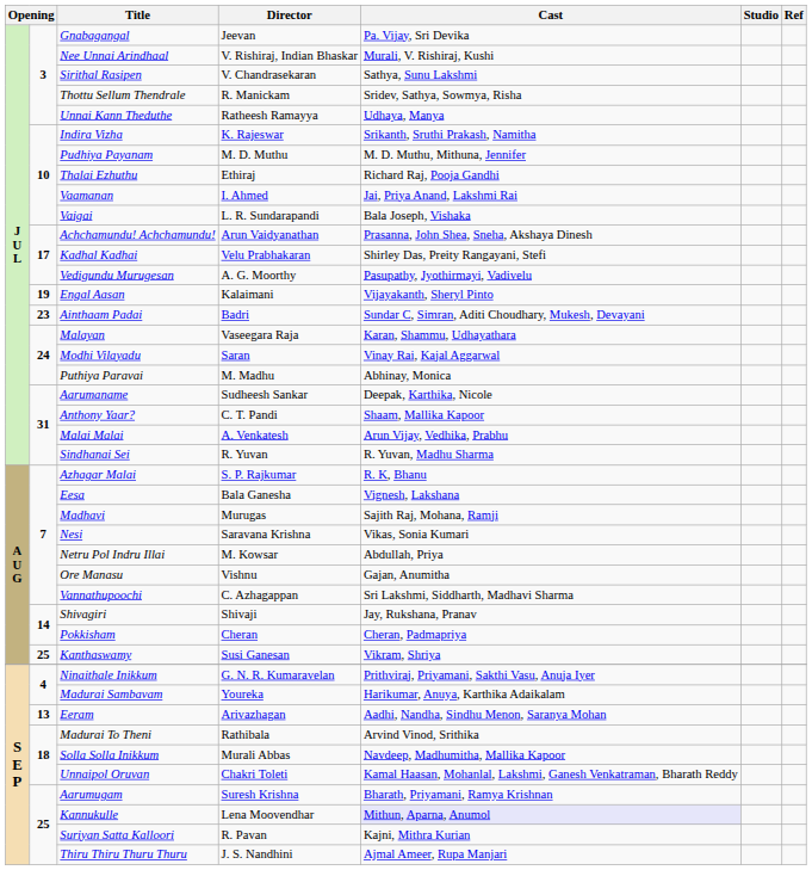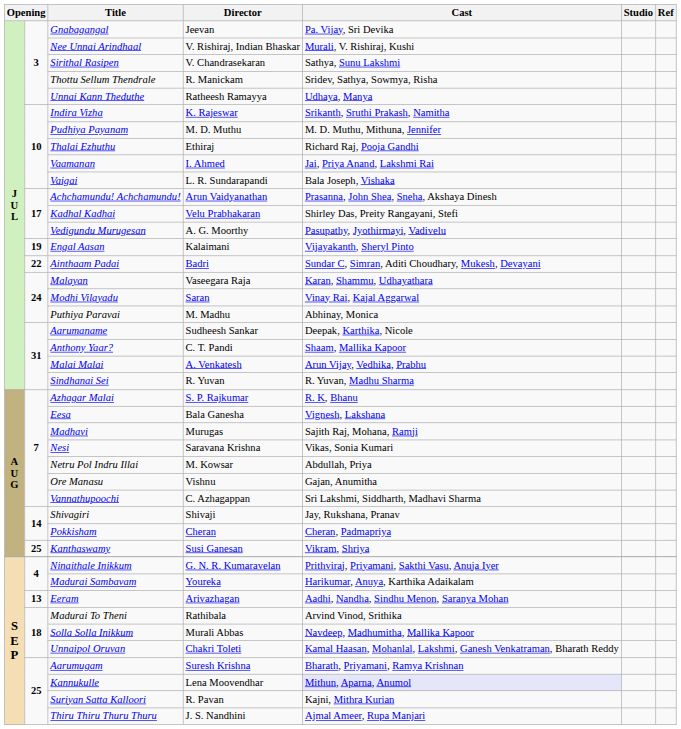 <table class="wikitable">
 <tr>
 <th colspan="2">Opening</th>
 <th>Title</th>
 <th>Director</th>
 <th>Cast</th>
 <th>Studio</th>
 <th>Ref</th>
 </tr>
 <tr July!>
 <td rowspan="22" valign="center" align="center" style="background:#d0f0c0; textcolor:#000;"><strong>J<br>U<br>L</strong></td>
 <td rowspan="5" align="center"><strong>3</strong></td>
 <td><em><a href='#'>Gnabagangal</a></em></td>
 <td>Jeevan</td>
 <td><a href='#'>Pa. Vijay</a>, Sri Devika</td>
 <td></td>
 <td></td>
 </tr>
 <tr>
 <td><em><a href='#'>Nee Unnai Arindhaal</a></em></td>
 <td>V. Rishiraj, Indian Bhaskar</td>
 <td><a href='#'>Murali</a>, V. Rishiraj, Kushi</td>
 <td></td>
 <td></td>
 </tr>
 <tr>
 <td><em><a href='#'>Sirithal Rasipen</a></em></td>
 <td>V. Chandrasekaran</td>
 <td>Sathya, <a href='#'>Sunu Lakshmi</a></td>
 <td></td>
 <td></td>
 </tr>
 <tr>
 <td><em>Thottu Sellum Thendrale</em></td>
 <td>R. Manickam</td>
 <td>Sridev, Sathya, Sowmya, Risha</td>
 <td></td>
 <td></td>
 </tr>
 <tr>
 <td><em><a href='#'>Unnai Kann Theduthe</a></em></td>
 <td>Ratheesh Ramayya</td>
 <td><a href='#'>Udhaya</a>, <a href='#'>Manya</a></td>
 <td></td>
 <td></td>
 </tr>
 <tr>
 <td rowspan="5" align="center"><strong>10</strong></td>
 <td><em><a href='#'>Indira Vizha</a></em></td>
 <td><a href='#'>K. Rajeswar</a></td>
 <td><a href='#'>Srikanth</a>, <a href='#'>Sruthi Prakash</a>, <a href='#'>Namitha</a></td>
 <td></td>
 <td></td>
 </tr>
 <tr>
 <td><em><a href='#'>Pudhiya Payanam</a></em></td>
 <td>M. D. Muthu</td>
 <td>M. D. Muthu, Mithuna, <a href='#'>Jennifer</a></td>
 <td></td>
 <td></td>
 </tr>
 <tr>
 <td><em><a href='#'>Thalai Ezhuthu</a></em></td>
 <td>Ethiraj</td>
 <td>Richard Raj, <a href='#'>Pooja Gandhi</a></td>
 <td></td>
 <td></td>
 </tr>
 <tr>
 <td><em><a href='#'>Vaamanan</a></em></td>
 <td><a href='#'>I. Ahmed</a></td>
 <td><a href='#'>Jai</a>, <a href='#'>Priya Anand</a>, <a href='#'>Lakshmi Rai</a></td>
 <td></td>
 <td></td>
 </tr>
 <tr>
 <td><em><a href='#'>Vaigai</a></em></td>
 <td>L. R. Sundarapandi</td>
 <td>Bala Joseph, <a href='#'>Vishaka</a></td>
 <td></td>
 <td></td>
 </tr>
 <tr>
 <td rowspan="3" align="center"><strong>17</strong></td>
 <td><em><a href='#'>Achchamundu! Achchamundu!</a></em></td>
 <td><a href='#'>Arun Vaidyanathan</a></td>
 <td><a href='#'>Prasanna</a>, <a href='#'>John Shea</a>, <a href='#'>Sneha</a>, Akshaya Dinesh</td>
 <td></td>
 <td></td>
 </tr>
 <tr>
 <td><em><a href='#'>Kadhal Kadhai</a></em></td>
 <td><a href='#'>Velu Prabhakaran</a></td>
 <td>Shirley Das, Preity Rangayani, Stefi</td>
 <td></td>
 <td></td>
 </tr>
 <tr>
 <td><em><a href='#'>Vedigundu Murugesan</a></em></td>
 <td>A. G. Moorthy</td>
 <td><a href='#'>Pasupathy</a>, <a href='#'>Jyothirmayi</a>, <a href='#'>Vadivelu</a></td>
 <td></td>
 <td></td>
 </tr>
 <tr>
 <td rowspan="1" align="center"><strong>19</strong></td>
 <td><em><a href='#'>Engal Aasan</a></em></td>
 <td>Kalaimani</td>
 <td><a href='#'>Vijayakanth</a>, <a href='#'>Sheryl Pinto</a></td>
 <td></td>
 <td></td>
 </tr>
 <tr>
-<td rowspan="1" align="center"><strong>23</strong></td>
+<td rowspan="1" align="center"><strong>22</strong></td>
 <td><em><a href='#'>Ainthaam Padai</a></em></td>
 <td><a href='#'>Badri</a></td>
 <td><a href='#'>Sundar C</a>, <a href='#'>Simran</a>, Aditi Choudhary, <a href='#'>Mukesh</a>, <a href='#'>Devayani</a></td>
 <td></td>
 <td></td>
 </tr>
 <tr>
 <td rowspan="3" align="center"><strong>24</strong></td>
 <td><em><a href='#'>Malayan</a></em></td>
 <td>Vaseegara Raja</td>
 <td><a href='#'>Karan</a>, <a href='#'>Shammu</a>, <a href='#'>Udhayathara</a></td>
 <td></td>
 <td></td>
 </tr>
 <tr>
 <td><em><a href='#'>Modhi Vilayadu</a></em></td>
 <td><a href='#'>Saran</a></td>
 <td><a href='#'>Vinay Rai</a>, <a href='#'>Kajal Aggarwal</a></td>
 <td></td>
 <td></td>
 </tr>
 <tr>
 <td><em>Puthiya Paravai</em></td>
 <td>M. Madhu</td>
 <td>Abhinay, Monica</td>
 <td></td>
 <td></td>
 </tr>
 <tr>
 <td rowspan="4" align="center"><strong>31</strong></td>
 <td><em><a href='#'>Aarumaname</a></em></td>
 <td>Sudheesh Sankar</td>
 <td>Deepak, <a href='#'>Karthika</a>, Nicole</td>
 <td></td>
 <td></td>
 </tr>
 <tr>
 <td><em><a href='#'>Anthony Yaar?</a></em></td>
 <td>C. T. Pandi</td>
 <td><a href='#'>Shaam</a>, <a href='#'>Mallika Kapoor</a></td>
 <td></td>
 <td></td>
 </tr>
 <tr>
 <td><em><a href='#'>Malai Malai</a></em></td>
 <td><a href='#'>A. Venkatesh</a></td>
 <td><a href='#'>Arun Vijay</a>, <a href='#'>Vedhika</a>, <a href='#'>Prabhu</a></td>
 <td></td>
 <td></td>
 </tr>
 <tr>
 <td><em><a href='#'>Sindhanai Sei</a></em></td>
 <td>R. Yuvan</td>
 <td>R. Yuvan, <a href='#'>Madhu Sharma</a></td>
 <td></td>
 <td></td>
 </tr>
 <tr August!>
 <td rowspan="10" valign="center" align="center" style="background:#C2B280;"><strong>A<br>U<br>G</strong></td>
 <td rowspan="7" align="center"><strong>7</strong></td>
 <td><em><a href='#'>Azhagar Malai</a></em></td>
 <td><a href='#'>S. P. Rajkumar</a></td>
 <td><a href='#'>R. K</a>, <a href='#'>Bhanu</a></td>
 <td></td>
 <td></td>
 </tr>
 <tr>
 <td><em><a href='#'>Eesa</a></em></td>
 <td>Bala Ganesha</td>
 <td><a href='#'>Vignesh</a>, <a href='#'>Lakshana</a></td>
 <td></td>
 <td></td>
 </tr>
 <tr>
 <td><em><a href='#'>Madhavi</a></em></td>
 <td>Murugas</td>
 <td>Sajith Raj, Mohana, <a href='#'>Ramji</a></td>
 <td></td>
 <td></td>
 </tr>
 <tr>
 <td><em><a href='#'>Nesi</a></em></td>
 <td>Saravana Krishna</td>
 <td>Vikas, Sonia Kumari</td>
 <td></td>
 <td></td>
 </tr>
 <tr>
 <td><em>Netru Pol Indru Illai</em></td>
 <td>M. Kowsar</td>
 <td>Abdullah, Priya</td>
 <td></td>
 <td></td>
 </tr>
 <tr>
 <td><em>Ore Manasu</em></td>
 <td>Vishnu</td>
 <td>Gajan, Anumitha</td>
 <td></td>
 <td></td>
 </tr>
 <tr>
 <td><em><a href='#'>Vannathupoochi</a></em></td>
 <td>C. Azhagappan</td>
 <td>Sri Lakshmi, Siddharth, Madhavi Sharma</td>
 <td></td>
 <td></td>
 </tr>
 <tr>
 <td rowspan="2" align="center"><strong>14</strong></td>
 <td><em>Shivagiri</em></td>
 <td>Shivaji</td>
 <td>Jay, Rukshana, Pranav</td>
 <td></td>
 <td></td>
 </tr>
 <tr>
 <td><em><a href='#'>Pokkisham</a></em></td>
 <td><a href='#'>Cheran</a></td>
 <td><a href='#'>Cheran</a>, <a href='#'>Padmapriya</a></td>
 <td></td>
 <td></td>
 </tr>
 <tr>
 <td rowspan="1" align="center"><strong>25</strong></td>
 <td><em><a href='#'>Kanthaswamy</a></em></td>
 <td><a href='#'>Susi Ganesan</a></td>
 <td><a href='#'>Vikram</a>, <a href='#'>Shriya</a></td>
 <td></td>
 <td></td>
 </tr>
 <tr>
 </tr>
 <tr September!>
 <td rowspan="10" valign="center" align="center" style="background:#F5DEB3; textcolor:#000;"><big><strong>S<br>E<br>P</strong></big></td>
 <td rowspan="2" align="center"><strong>4</strong></td>
 <td><em><a href='#'>Ninaithale Inikkum</a></em></td>
 <td><a href='#'>G. N. R. Kumaravelan</a></td>
 <td><a href='#'>Prithviraj</a>, <a href='#'>Priyamani</a>, <a href='#'>Sakthi Vasu</a>, <a href='#'>Anuja Iyer</a></td>
 <td></td>
 <td></td>
 </tr>
 <tr>
 <td><em><a href='#'>Madurai Sambavam</a></em></td>
 <td><a href='#'>Youreka</a></td>
 <td><a href='#'>Harikumar</a>, <a href='#'>Anuya</a>, Karthika Adaikalam</td>
 <td></td>
 <td></td>
 </tr>
 <tr>
 <td rowspan="1" align="center"><strong>13</strong></td>
 <td><em><a href='#'>Eeram</a></em></td>
 <td><a href='#'>Arivazhagan</a></td>
 <td><a href='#'>Aadhi</a>, <a href='#'>Nandha</a>, <a href='#'>Sindhu Menon</a>, <a href='#'>Saranya Mohan</a></td>
 <td></td>
 <td></td>
 </tr>
 <tr>
 <td rowspan="3" align="center"><strong>18</strong></td>
 <td><em>Madurai To Theni</em></td>
 <td>Rathibala</td>
 <td>Arvind Vinod, Srithika</td>
 <td></td>
 <td></td>
 </tr>
 <tr>
 <td><em><a href='#'>Solla Solla Inikkum</a></em></td>
 <td>Murali Abbas</td>
 <td><a href='#'>Navdeep</a>, <a href='#'>Madhumitha</a>, <a href='#'>Mallika Kapoor</a></td>
 <td></td>
 <td></td>
 </tr>
 <tr>
 <td><em><a href='#'>Unnaipol Oruvan</a></em></td>
 <td><a href='#'>Chakri Toleti</a></td>
 <td><a href='#'>Kamal Haasan</a>, <a href='#'>Mohanlal</a>, <a href='#'>Lakshmi</a>, <a href='#'>Ganesh Venkatraman</a>, Bharath Reddy</td>
 <td></td>
 <td></td>
 </tr>
 <tr>
 <td rowspan="4" align="center"><strong>25</strong></td>
 <td><em><a href='#'>Aarumugam</a></em></td>
 <td><a href='#'>Suresh Krishna</a></td>
 <td><a href='#'>Bharath</a>, <a href='#'>Priyamani</a>, <a href='#'>Ramya Krishnan</a></td>
 <td></td>
 <td></td>
 </tr>
 <tr>
 <td><em><a href='#'>Kannukulle</a></em></td>
 <td>Lena Moovendhar</td>
 <td style="background: lavender;"><a href='#'>Mithun</a>, <a href='#'>Aparna</a>, <a href='#'>Anumol</a></td>
 <td></td>
 <td></td>
 </tr>
 <tr>
 <td><em><a href='#'>Suriyan Satta Kalloori</a></em></td>
 <td>R. Pavan</td>
 <td>Kajni, <a href='#'>Mithra Kurian</a></td>
 <td></td>
 <td></td>
 </tr>
 <tr>
 <td><em><a href='#'>Thiru Thiru Thuru Thuru</a></em></td>
 <td>J. S. Nandhini</td>
 <td><a href='#'>Ajmal Ameer</a>, <a href='#'>Rupa Manjari</a></td>
 <td></td>
 <td></td>
 </tr>
 </table>
